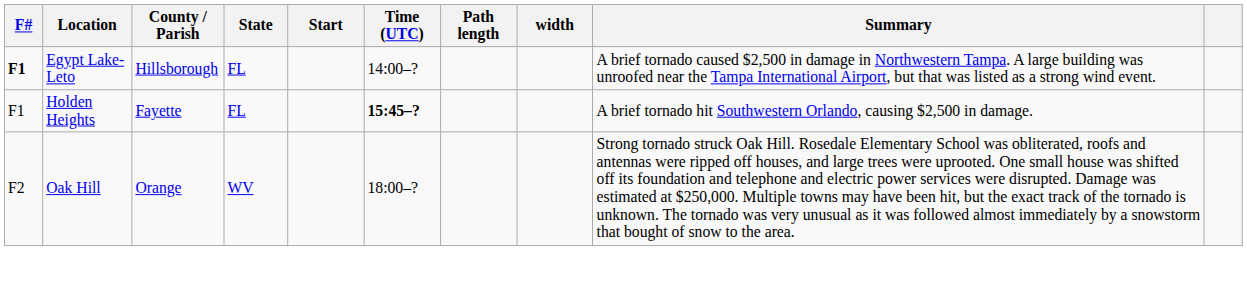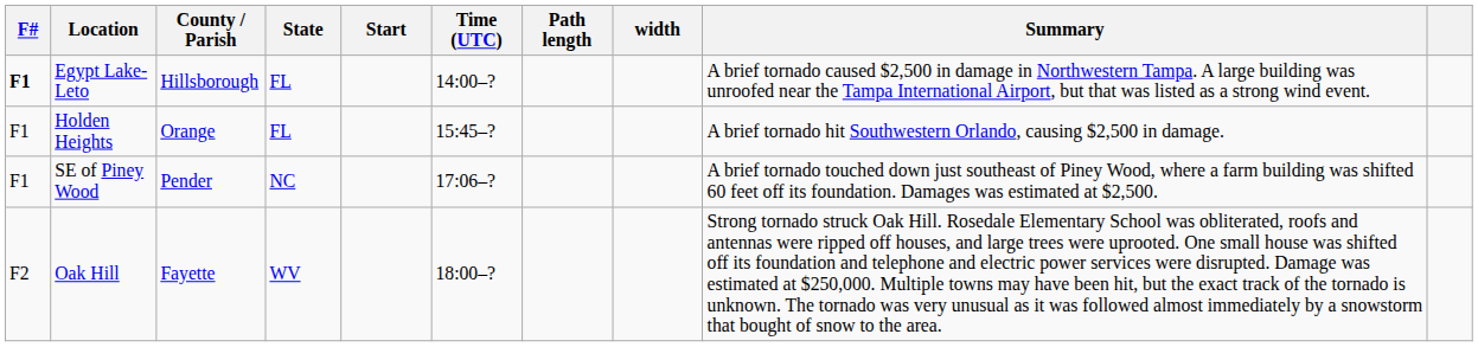 <table class="wikitable sortable" style="width:100%;">
 <tr>
 <th scope="col"  style="width:3%; text-align:center;"><a href='#'>F#</a></th>
 <th scope="col"  style="width:7%; text-align:center;" class="unsortable">Location</th>
 <th scope="col"  style="width:6%; text-align:center;" class="unsortable">County / Parish</th>
 <th scope="col"  style="width:5%; text-align:center;">State</th>
 <th scope="col"  style="width:6%; text-align:center;">Start<br></th>
 <th scope="col"  style="width:6%; text-align:center;">Time (<a href='#'>UTC</a>)</th>
 <th scope="col"  style="width:6%; text-align:center;">Path length</th>
 <th scope="col"  style="width:6%; text-align:center;"> width</th>
 <th scope="col" class="unsortable" style="width:48%; text-align:center;">Summary</th>
 <th scope="col" class="unsortable" style="width:3%; text-align:center;"></th>
 </tr>
 <tr>
 <td><strong>F1</strong></td>
 <td><a href='#'>Egypt Lake-Leto</a></td>
 <td><a href='#'>Hillsborough</a></td>
 <td><a href='#'>FL</a></td>
 <td></td>
 <td>14:00–?</td>
 <td></td>
 <td></td>
 <td>A brief tornado caused $2,500 in damage in <a href='#'>Northwestern Tampa</a>. A large building was unroofed near the <a href='#'>Tampa International Airport</a>, but that was listed as a strong wind event.</td>
 <td></td>
 </tr>
 <tr>
 <td>F1</td>
 <td><a href='#'>Holden Heights</a></td>
-<td><a href='#'>Fayette</a></td>
+<td><a href='#'>Orange</a></td>
 <td><a href='#'>FL</a></td>
 <td></td>
-<td><strong>15:45–?</strong></td>
+<td>15:45–?</td>
 <td></td>
 <td></td>
 <td>A brief tornado hit <a href='#'>Southwestern Orlando</a>, causing $2,500 in damage.</td>
 <td></td>
 </tr>
 <tr>
+<td>F1</td>
+<td>SE of <a href='#'>Piney Wood</a></td>
+<td><a href='#'>Pender</a></td>
+<td><a href='#'>NC</a></td>
+<td></td>
+<td>17:06–?</td>
+<td></td>
+<td></td>
+<td>A brief tornado touched down just southeast of Piney Wood, where a farm building was shifted 60 feet off its foundation. Damages was estimated at $2,500.</td>
+<td></td>
+</tr>
+<tr>
 <td>F2</td>
 <td><a href='#'>Oak Hill</a></td>
-<td><a href='#'>Orange</a></td>
+<td><a href='#'>Fayette</a></td>
 <td><a href='#'>WV</a></td>
 <td></td>
 <td>18:00–?</td>
 <td></td>
 <td></td>
 <td>Strong tornado struck Oak Hill. Rosedale Elementary School was obliterated, roofs and antennas were ripped off houses, and large trees were uprooted. One small house was shifted off its foundation and telephone and electric power services were disrupted. Damage was estimated at $250,000. Multiple towns may have been hit, but the exact track of the tornado is unknown. The tornado was very unusual as it was followed almost immediately by a snowstorm that bought  of snow to the area.</td>
 <td></td>
 </tr>
 </table>
